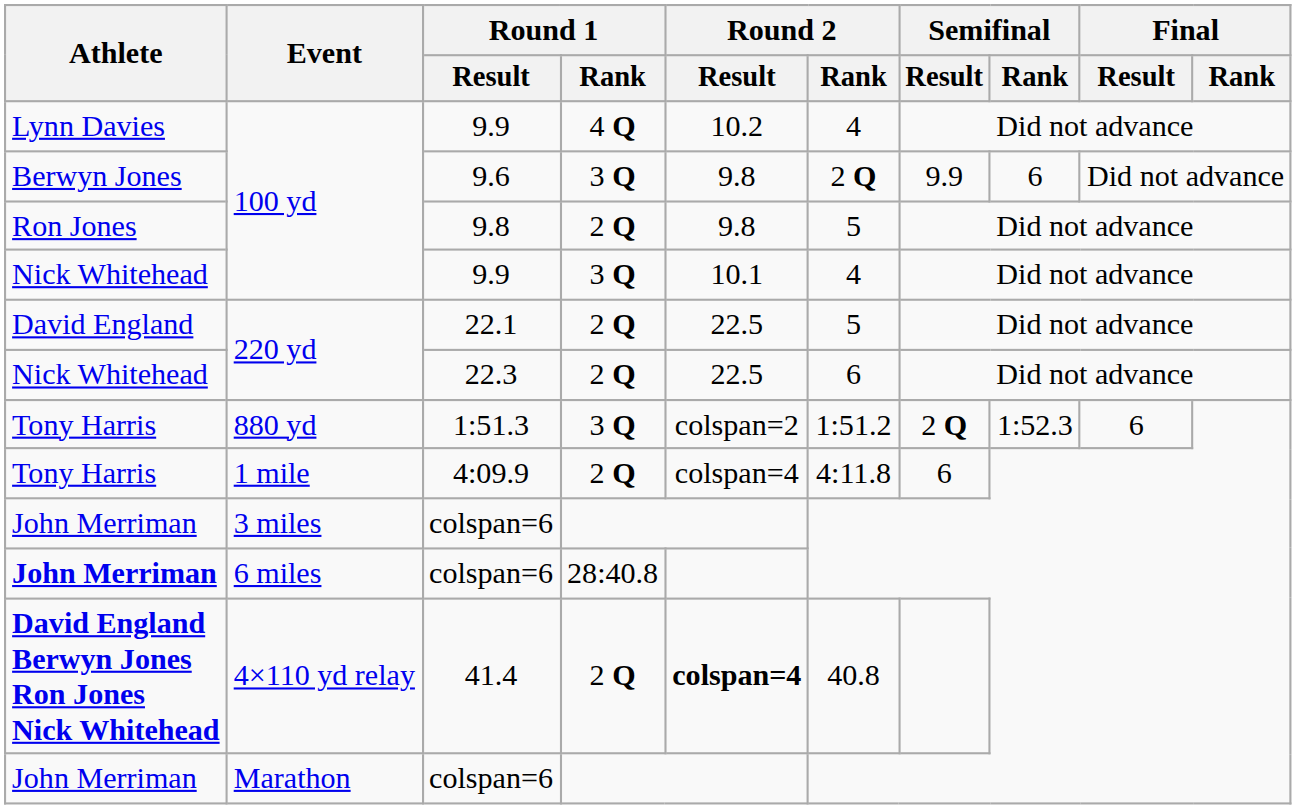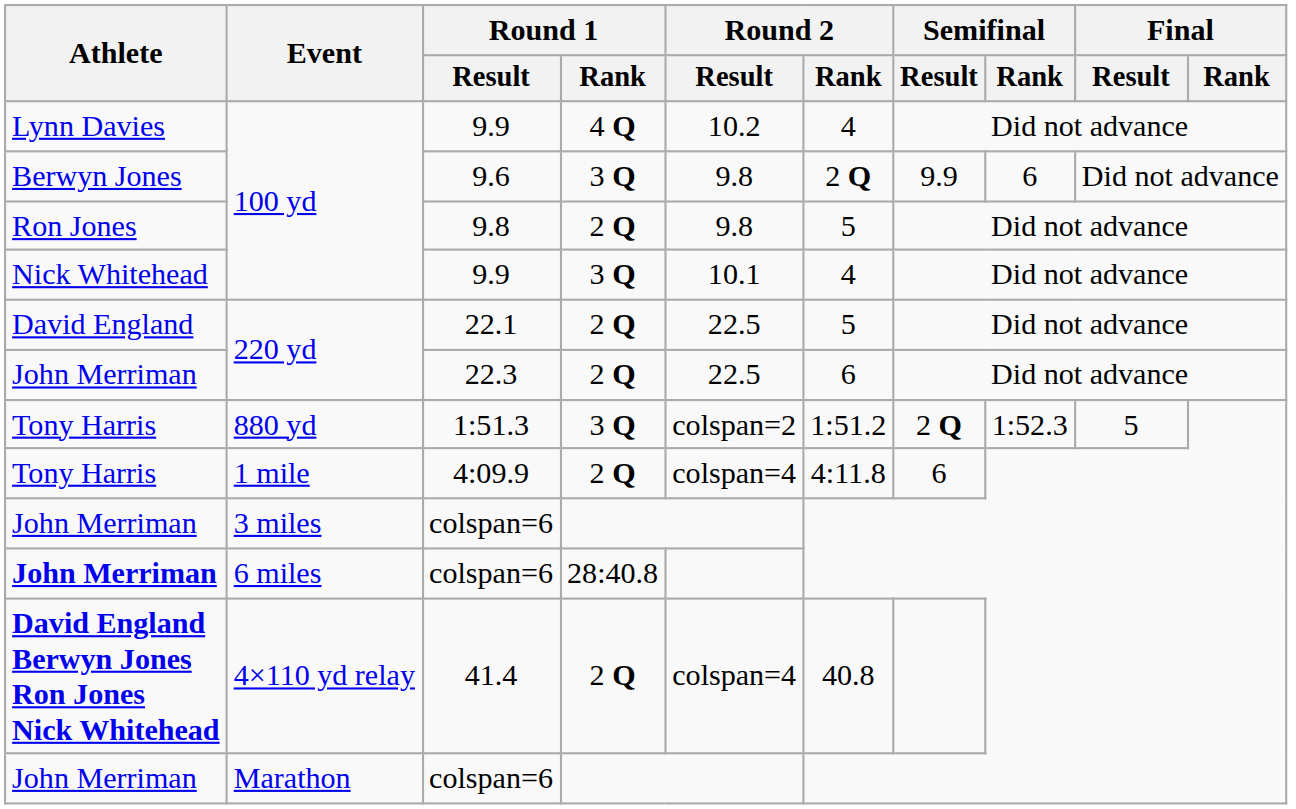 <table class=wikitable style=font-size:90%>
 <tr>
 <th rowspan=2>Athlete</th>
 <th rowspan=2>Event</th>
 <th colspan=2>Round 1</th>
 <th colspan=2>Round 2</th>
 <th colspan=2>Semifinal</th>
 <th colspan=2>Final</th>
 </tr>
 <tr style=font-size:95%>
 <th>Result</th>
 <th>Rank</th>
 <th>Result</th>
 <th>Rank</th>
 <th>Result</th>
 <th>Rank</th>
 <th>Result</th>
 <th>Rank</th>
 </tr>
 <tr align=center>
 <td align=left><a href='#'>Lynn Davies</a></td>
 <td align=left rowspan=4><a href='#'>100 yd</a></td>
 <td>9.9</td>
 <td>4 <strong>Q</strong></td>
 <td>10.2</td>
 <td>4</td>
 <td colspan=4>Did not advance</td>
 </tr>
 <tr align=center>
 <td align=left><a href='#'>Berwyn Jones</a></td>
 <td>9.6</td>
 <td>3 <strong>Q</strong></td>
 <td>9.8</td>
 <td>2 <strong>Q</strong></td>
 <td>9.9</td>
 <td>6</td>
 <td colspan=2>Did not advance</td>
 </tr>
 <tr align=center>
 <td align=left><a href='#'>Ron Jones</a></td>
 <td>9.8</td>
 <td>2 <strong>Q</strong></td>
 <td>9.8</td>
 <td>5</td>
 <td colspan=4>Did not advance</td>
 </tr>
 <tr align=center>
 <td align=left><a href='#'>Nick Whitehead</a></td>
 <td>9.9</td>
 <td>3 <strong>Q</strong></td>
 <td>10.1</td>
 <td>4</td>
 <td colspan=4>Did not advance</td>
 </tr>
 <tr align=center>
 <td align=left><a href='#'>David England</a></td>
 <td align=left rowspan=2><a href='#'>220 yd</a></td>
 <td>22.1</td>
 <td>2 <strong>Q</strong></td>
 <td>22.5</td>
 <td>5</td>
 <td colspan=4>Did not advance</td>
 </tr>
 <tr align=center>
-<td align=left><a href='#'>Nick Whitehead</a></td>
+<td align=left><a href='#'>John Merriman</a></td>
 <td>22.3</td>
 <td>2 <strong>Q</strong></td>
 <td>22.5</td>
 <td>6</td>
 <td colspan=4>Did not advance</td>
 </tr>
 <tr align=center>
 <td align=left><a href='#'>Tony Harris</a></td>
 <td align=left><a href='#'>880 yd</a></td>
 <td>1:51.3</td>
 <td>3 <strong>Q</strong></td>
 <td>colspan=2 </td>
 <td>1:51.2</td>
 <td>2 <strong>Q</strong></td>
 <td>1:52.3</td>
-<td>6</td>
+<td>5</td>
 </tr>
 <tr align=center>
 <td align=left><a href='#'>Tony Harris</a></td>
 <td align=left><a href='#'>1 mile</a></td>
 <td>4:09.9</td>
 <td>2 <strong>Q</strong></td>
 <td>colspan=4 </td>
 <td>4:11.8</td>
 <td>6</td>
 </tr>
 <tr align=center>
 <td align=left><a href='#'>John Merriman</a></td>
 <td align=left><a href='#'>3 miles</a></td>
 <td>colspan=6 </td>
 <td colspan=2></td>
 </tr>
 <tr align=center>
 <td align=left><strong><a href='#'>John Merriman</a></strong></td>
 <td align=left><a href='#'>6 miles</a></td>
 <td>colspan=6 </td>
 <td>28:40.8</td>
 <td></td>
 </tr>
 <tr align=center>
 <td align=left><strong><a href='#'>David England</a><br><a href='#'>Berwyn Jones</a><br><a href='#'>Ron Jones</a><br><a href='#'>Nick Whitehead</a></strong></td>
 <td align=left><a href='#'>4×110 yd relay</a></td>
 <td>41.4</td>
 <td>2 <strong>Q</strong></td>
-<td><strong>colspan=4 </strong></td>
+<td>colspan=4 </td>
 <td>40.8</td>
 <td></td>
 </tr>
 <tr align=center>
 <td align=left><a href='#'>John Merriman</a></td>
 <td align=left rowspan=4><a href='#'>Marathon</a></td>
 <td>colspan=6 </td>
 <td colspan=2></td>
 </tr>
 </table>
